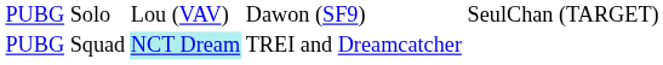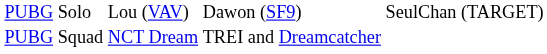 <table>
 <tr>
 <td><a href='#'>PUBG</a> Solo</td>
 <td>Lou (<a href='#'>VAV</a>)</td>
 <td>Dawon (<a href='#'>SF9</a>)</td>
 <td>SeulChan (TARGET)</td>
 </tr>
 <tr>
 <td><a href='#'>PUBG</a> Squad</td>
-<td style="background: paleturquoise;"><a href='#'>NCT Dream</a></td>
+<td><a href='#'>NCT Dream</a></td>
 <td>TREI and <a href='#'>Dreamcatcher</a></td>
 </tr>
 </table>
